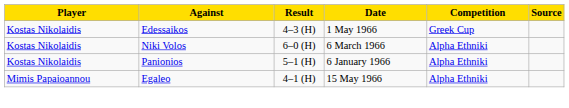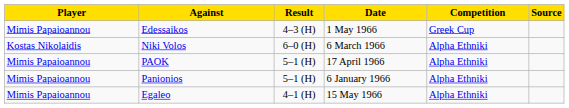 <table class="wikitable">
 <tr>
 <th width=200 style="background:#FFDE00">Player</th>
 <th width=200 style="background:#FFDE00">Against</th>
 <th width=70 style="background:#FFDE00">Result</th>
 <th width=150 style="background:#FFDE00">Date</th>
 <th width=150 style="background:#FFDE00">Competition</th>
 <th style="background:#FFDE00">Source</th>
 </tr>
 <tr>
-<td> <a href='#'>Kostas Nikolaidis</a></td>
+<td> <a href='#'>Mimis Papaioannou</a></td>
 <td> <a href='#'>Edessaikos</a></td>
 <td align=center>4–3 (H)</td>
 <td>1 May 1966</td>
 <td><a href='#'>Greek Cup</a></td>
 <td align=center></td>
 </tr>
 <tr>
 <td> <a href='#'>Kostas Nikolaidis</a></td>
 <td> <a href='#'>Niki Volos</a></td>
 <td align=center>6–0 (H)</td>
 <td>6 March 1966</td>
 <td><a href='#'>Alpha Ethniki</a></td>
 <td align=center></td>
 </tr>
 <tr>
-<td> <a href='#'>Kostas Nikolaidis</a></td>
+<td> <a href='#'>Mimis Papaioannou</a></td>
+<td> <a href='#'>PAOK</a></td>
+<td align=center>5–1 (H)</td>
+<td>17 April 1966</td>
+<td><a href='#'>Alpha Ethniki</a></td>
+<td align=center></td>
+</tr>
+<tr>
+<td> <a href='#'>Mimis Papaioannou</a></td>
 <td> <a href='#'>Panionios</a></td>
 <td align=center>5–1 (H)</td>
 <td>6 January 1966</td>
 <td><a href='#'>Alpha Ethniki</a></td>
 <td align=center></td>
 </tr>
 <tr>
 <td> <a href='#'>Mimis Papaioannou</a></td>
 <td> <a href='#'>Egaleo</a></td>
 <td align=center>4–1 (H)</td>
 <td>15 May 1966</td>
 <td><a href='#'>Alpha Ethniki</a></td>
 <td align=center></td>
 </tr>
 </table>
